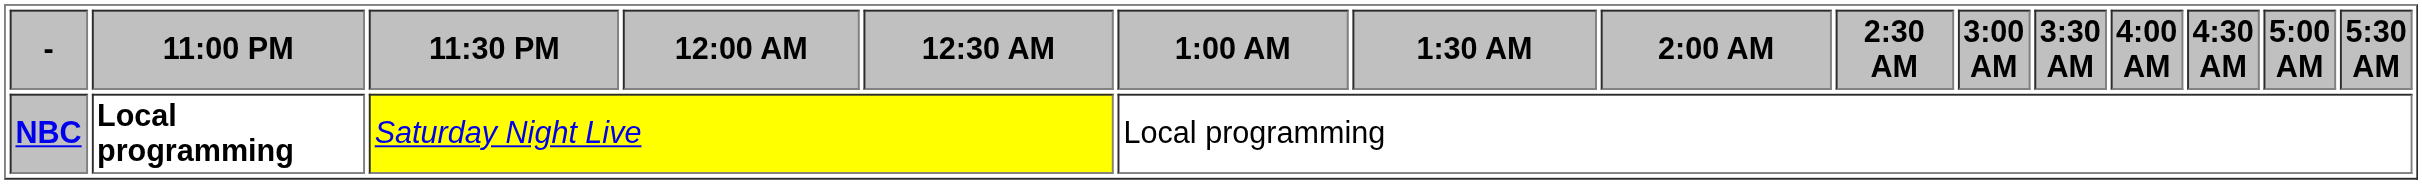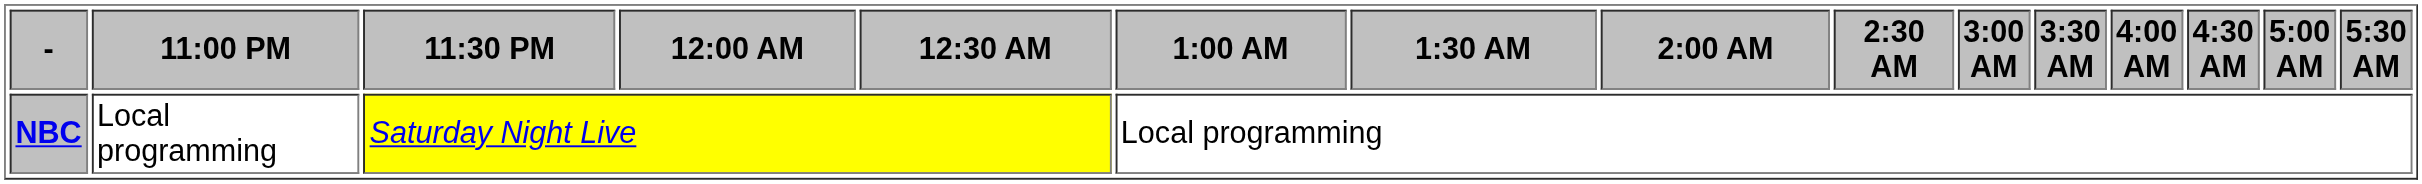 <table border="1" cellpadding="2">
 <tr>
 <th bgcolor="#C0C0C0">-</th>
 <th width="13%" bgcolor="#C0C0C0">11:00 PM</th>
 <th width="14%" bgcolor="#C0C0C0">11:30 PM</th>
 <th width="13%" bgcolor="#C0C0C0">12:00 AM</th>
 <th width="14%" bgcolor="#C0C0C0">12:30 AM</th>
 <th width="13%" bgcolor="#C0C0C0">1:00 AM</th>
 <th width="14%" bgcolor="#C0C0C0">1:30 AM</th>
 <th width="13%" bgcolor="#C0C0C0">2:00 AM</th>
 <th width="14%" bgcolor="#C0C0C0">2:30 AM</th>
 <th width="13%" bgcolor="#C0C0C0">3:00 AM</th>
 <th width="14%" bgcolor="#C0C0C0">3:30 AM</th>
 <th width="13%" bgcolor="#C0C0C0">4:00 AM</th>
 <th width="14%" bgcolor="#C0C0C0">4:30 AM</th>
 <th width="13%" bgcolor="#C0C0C0">5:00 AM</th>
 <th width="14%" bgcolor="#C0C0C0">5:30 AM</th>
 </tr>
 <tr>
 <th bgcolor="#C0C0C0"><a href='#'>NBC</a></th>
-<td bgcolor="white"><strong>Local programming</strong></td>
+<td bgcolor="white">Local programming</td>
 <td bgcolor="yellow" colspan="3"><em><a href='#'>Saturday Night Live</a></em></td>
 <td bgcolor="white" colspan="10">Local programming</td>
 </tr>
 </table>
